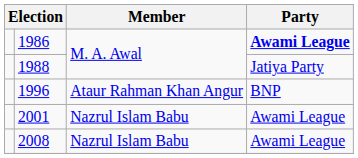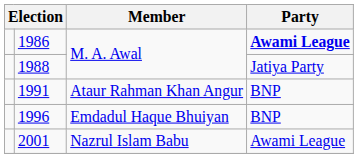 <table class="wikitable">
 <tr>
 <th colspan="2">Election</th>
 <th>Member</th>
 <th>Party</th>
 </tr>
 <tr>
 <td style="background-color:"></td>
 <td><a href='#'>1986</a></td>
 <td rowspan="2"><a href='#'>M. A. Awal</a></td>
 <td><strong><a href='#'>Awami League</a></strong></td>
 </tr>
 <tr>
 <td style="background-color:"></td>
 <td><a href='#'>1988</a></td>
 <td><a href='#'>Jatiya Party</a></td>
 </tr>
 <tr>
 <td style="background-color:"></td>
+<td><a href='#'>1991</a></td>
+<td><a href='#'>Ataur Rahman Khan Angur</a></td>
+<td><a href='#'>BNP</a></td>
+</tr>
+<tr>
+<td style="background-color:"></td>
 <td><a href='#'>1996</a></td>
-<td><a href='#'>Ataur Rahman Khan Angur</a></td>
+<td><a href='#'>Emdadul Haque Bhuiyan</a></td>
 <td><a href='#'>BNP</a></td>
 </tr>
 <tr>
 <td style="background-color:"></td>
 <td><a href='#'>2001</a></td>
 <td><a href='#'>Nazrul Islam Babu</a></td>
 <td><a href='#'>Awami League</a></td>
 </tr>
 <tr>
-<td style="background-color:"></td>
-<td><a href='#'>2008</a></td>
-<td><a href='#'>Nazrul Islam Babu</a></td>
-<td><a href='#'>Awami League</a></td>
-</tr>
-<tr>
 </tr>
 </table>
